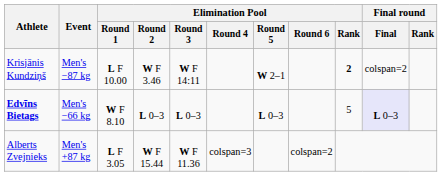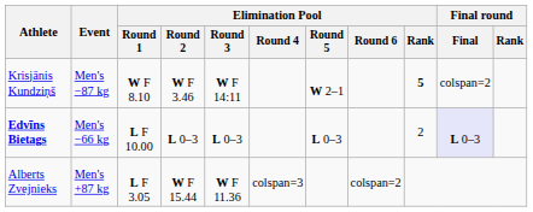 <table class="wikitable" style="font-size:90%">
 <tr>
 <th rowspan="2">Athlete</th>
 <th rowspan="2">Event</th>
 <th colspan=7>Elimination Pool</th>
 <th colspan=2>Final round</th>
 </tr>
 <tr style="font-size: 95%">
 <th>Round 1</th>
 <th>Round 2</th>
 <th>Round 3</th>
 <th>Round 4</th>
 <th>Round 5</th>
 <th>Round 6</th>
 <th>Rank</th>
 <th>Final</th>
 <th>Rank</th>
 </tr>
 <tr align=center>
 <td align=left><a href='#'>Krisjānis Kundziņš</a></td>
 <td align=left><a href='#'>Men's −87 kg</a></td>
-<td><br><strong>L</strong> F 10.00</td>
+<td><br><strong>W</strong> F 8.10</td>
 <td><br><strong>W</strong> F 3.46</td>
 <td><br><strong>W</strong> F 14:11</td>
 <td></td>
 <td><br><strong>W</strong> 2–1</td>
 <td></td>
-<td><strong>2</strong></td>
+<td><strong>5</strong></td>
 <td>colspan=2 </td>
 </tr>
 <tr align=center>
 <td align=left><strong><a href='#'>Edvīns Bietags</a></strong></td>
 <td align=left><a href='#'>Men's −66 kg</a></td>
-<td><br><strong>W</strong> F 8.10</td>
+<td><br><strong>L</strong> F 10.00</td>
 <td><br><strong>L</strong> 0–3</td>
 <td><br><strong>L</strong> 0–3</td>
 <td></td>
 <td><br><strong>L</strong> 0–3</td>
 <td></td>
-<td>5</td>
+<td>2</td>
 <td style="background: lavender;"><br><strong>L</strong> 0–3</td>
 <td></td>
 </tr>
 <tr align=center>
 <td align=left><a href='#'>Alberts Zvejnieks</a></td>
 <td align=left><a href='#'>Men's +87 kg</a></td>
 <td><br><strong>L</strong> F 3.05</td>
 <td><br><strong>W</strong> F 15.44</td>
 <td><br><strong>W</strong> F 11.36</td>
 <td>colspan=3 </td>
 <td></td>
 <td>colspan=2 </td>
 </tr>
 </table>
